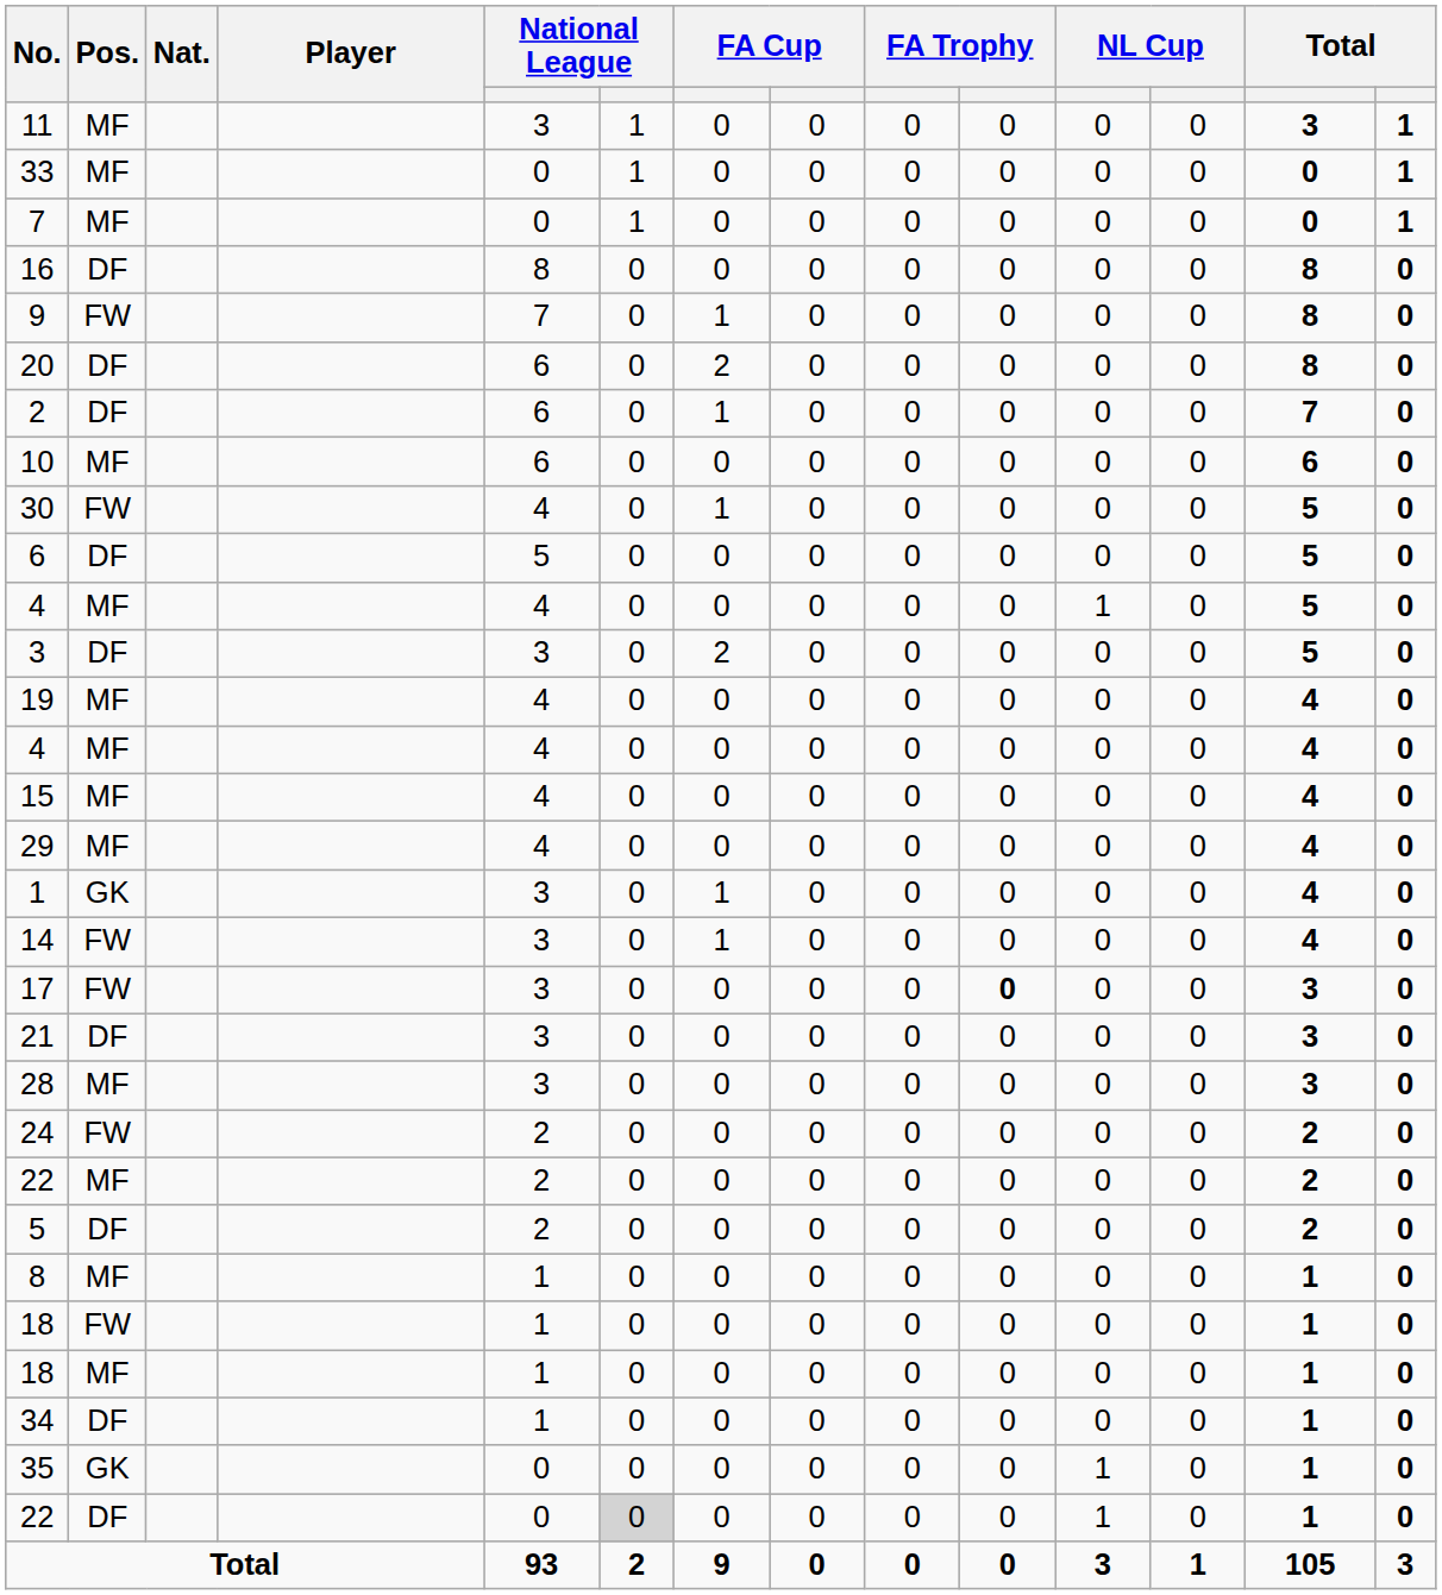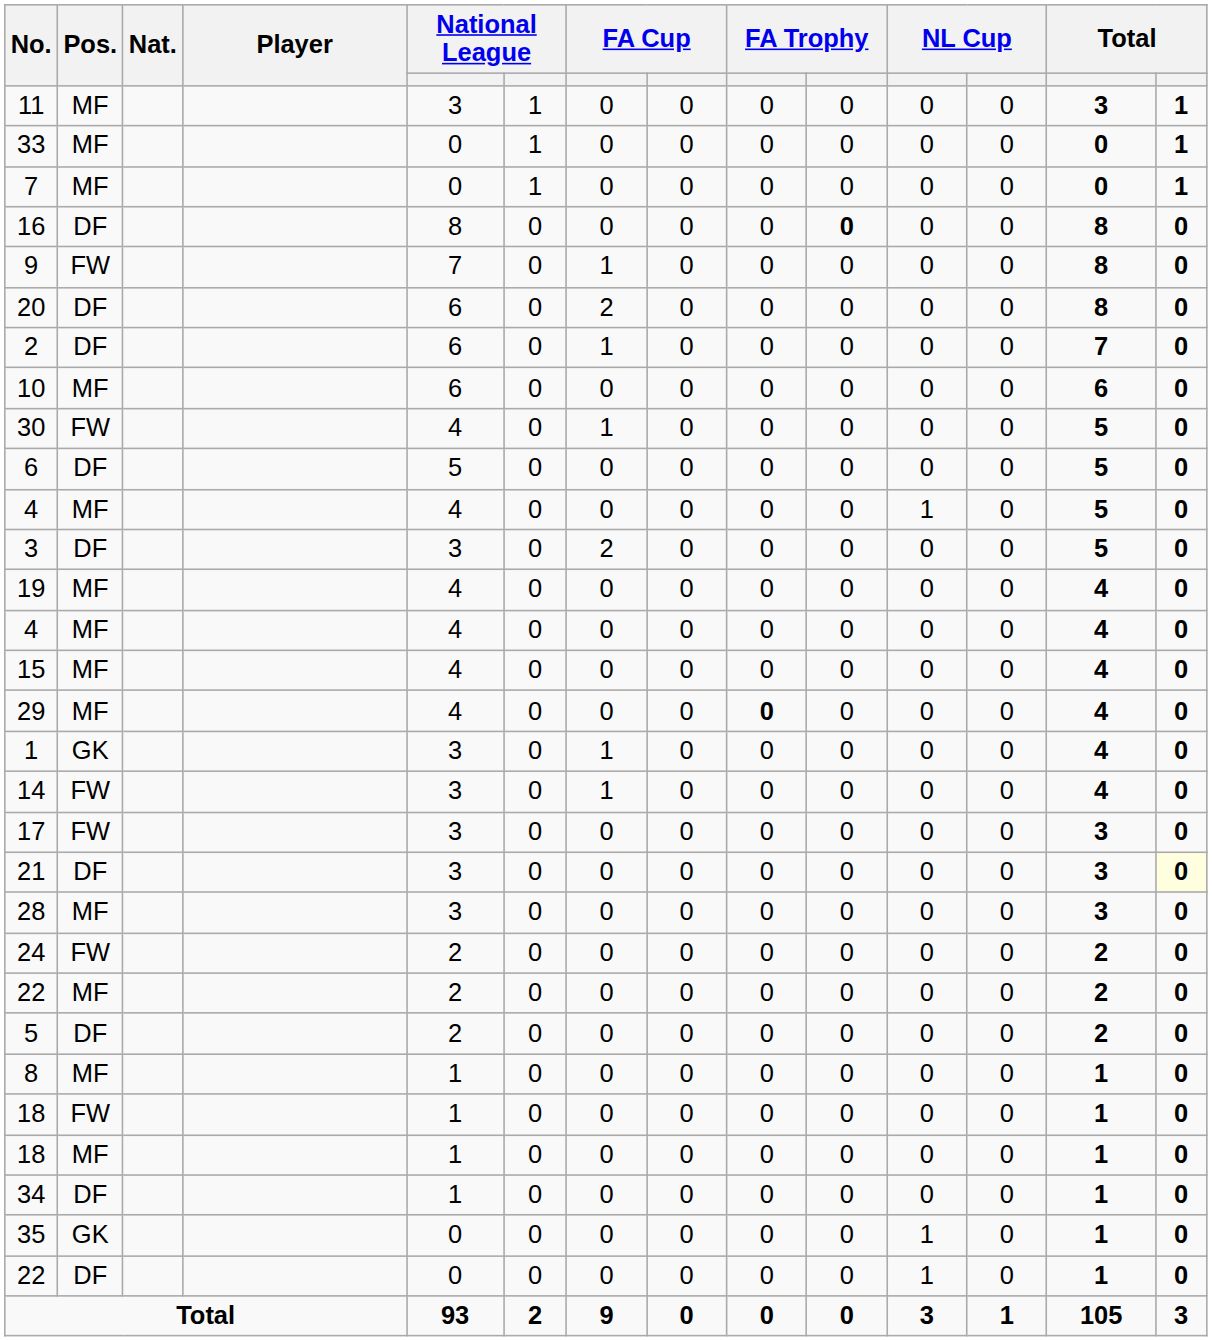 <table class="wikitable sortable" style="text-align:center">
 <tr>
 <th rowspan="2" ! style="text-align:center; width: 10pt;">No.</th>
 <th rowspan="2" ! style="text-align:center; width: 10pt;">Pos.</th>
 <th rowspan="2" ! style="text-align:center; width: 10pt;">Nat.</th>
 <th rowspan="2" ! style="text-align:center; width: 100pt;">Player</th>
 <th colspan="2" ! style="text-align:center; width: 70pt;"><a href='#'>National League</a></th>
 <th colspan="2" ! style="text-align:center; width: 70pt;"><a href='#'>FA Cup</a></th>
 <th colspan="2" ! style="text-align:center; width: 70pt;"><a href='#'>FA Trophy</a></th>
 <th colspan="2" ! style="text-align:center; width: 70pt;"><a href='#'>NL Cup</a></th>
 <th colspan="2" ! style="text-align:center; width: 70pt;">Total</th>
 </tr>
 <tr>
 <th></th>
 <th></th>
 <th></th>
 <th></th>
 <th></th>
 <th></th>
 <th></th>
 <th></th>
 <th></th>
 <th></th>
 </tr>
 <tr>
 <td>11</td>
 <td>MF</td>
 <td></td>
 <td align=left></td>
 <td>3</td>
 <td>1</td>
 <td>0</td>
 <td>0</td>
 <td>0</td>
 <td>0</td>
 <td>0</td>
 <td>0</td>
 <td><strong>3</strong></td>
 <td><strong>1</strong></td>
 </tr>
 <tr>
 <td>33</td>
 <td>MF</td>
 <td></td>
 <td align=left></td>
 <td>0</td>
 <td>1</td>
 <td>0</td>
 <td>0</td>
 <td>0</td>
 <td>0</td>
 <td>0</td>
 <td>0</td>
 <td><strong>0</strong></td>
 <td><strong>1</strong></td>
 </tr>
 <tr>
 <td>7</td>
 <td>MF</td>
 <td></td>
 <td align=left></td>
 <td>0</td>
 <td>1</td>
 <td>0</td>
 <td>0</td>
 <td>0</td>
 <td>0</td>
 <td>0</td>
 <td>0</td>
 <td><strong>0</strong></td>
 <td><strong>1</strong></td>
 </tr>
 <tr>
 <td>16</td>
 <td>DF</td>
 <td></td>
 <td align=left></td>
 <td>8</td>
 <td>0</td>
 <td>0</td>
 <td>0</td>
 <td>0</td>
-<td>0</td>
+<td><strong>0</strong></td>
 <td>0</td>
 <td>0</td>
 <td><strong>8</strong></td>
 <td><strong>0</strong></td>
 </tr>
 <tr>
 <td>9</td>
 <td>FW</td>
 <td></td>
 <td align=left></td>
 <td>7</td>
 <td>0</td>
 <td>1</td>
 <td>0</td>
 <td>0</td>
 <td>0</td>
 <td>0</td>
 <td>0</td>
 <td><strong>8</strong></td>
 <td><strong>0</strong></td>
 </tr>
 <tr>
 <td>20</td>
 <td>DF</td>
 <td></td>
 <td align=left></td>
 <td>6</td>
 <td>0</td>
 <td>2</td>
 <td>0</td>
 <td>0</td>
 <td>0</td>
 <td>0</td>
 <td>0</td>
 <td><strong>8</strong></td>
 <td><strong>0</strong></td>
 </tr>
 <tr>
 <td>2</td>
 <td>DF</td>
 <td></td>
 <td align=left></td>
 <td>6</td>
 <td>0</td>
 <td>1</td>
 <td>0</td>
 <td>0</td>
 <td>0</td>
 <td>0</td>
 <td>0</td>
 <td><strong>7</strong></td>
 <td><strong>0</strong></td>
 </tr>
 <tr>
 <td>10</td>
 <td>MF</td>
 <td></td>
 <td align=left></td>
 <td>6</td>
 <td>0</td>
 <td>0</td>
 <td>0</td>
 <td>0</td>
 <td>0</td>
 <td>0</td>
 <td>0</td>
 <td><strong>6</strong></td>
 <td><strong>0</strong></td>
 </tr>
 <tr>
 <td>30</td>
 <td>FW</td>
 <td></td>
 <td align=left></td>
 <td>4</td>
 <td>0</td>
 <td>1</td>
 <td>0</td>
 <td>0</td>
 <td>0</td>
 <td>0</td>
 <td>0</td>
 <td><strong>5</strong></td>
 <td><strong>0</strong></td>
 </tr>
 <tr>
 <td>6</td>
 <td>DF</td>
 <td></td>
 <td align=left></td>
 <td>5</td>
 <td>0</td>
 <td>0</td>
 <td>0</td>
 <td>0</td>
 <td>0</td>
 <td>0</td>
 <td>0</td>
 <td><strong>5</strong></td>
 <td><strong>0</strong></td>
 </tr>
 <tr>
 <td>4</td>
 <td>MF</td>
 <td></td>
 <td align=left></td>
 <td>4</td>
 <td>0</td>
 <td>0</td>
 <td>0</td>
 <td>0</td>
 <td>0</td>
 <td>1</td>
 <td>0</td>
 <td><strong>5</strong></td>
 <td><strong>0</strong></td>
 </tr>
 <tr>
 <td>3</td>
 <td>DF</td>
 <td></td>
 <td align=left></td>
 <td>3</td>
 <td>0</td>
 <td>2</td>
 <td>0</td>
 <td>0</td>
 <td>0</td>
 <td>0</td>
 <td>0</td>
 <td><strong>5</strong></td>
 <td><strong>0</strong></td>
 </tr>
 <tr>
 <td>19</td>
 <td>MF</td>
 <td></td>
 <td align=left></td>
 <td>4</td>
 <td>0</td>
 <td>0</td>
 <td>0</td>
 <td>0</td>
 <td>0</td>
 <td>0</td>
 <td>0</td>
 <td><strong>4</strong></td>
 <td><strong>0</strong></td>
 </tr>
 <tr>
 <td>4</td>
 <td>MF</td>
 <td></td>
 <td align=left></td>
 <td>4</td>
 <td>0</td>
 <td>0</td>
 <td>0</td>
 <td>0</td>
 <td>0</td>
 <td>0</td>
 <td>0</td>
 <td><strong>4</strong></td>
 <td><strong>0</strong></td>
 </tr>
 <tr>
 <td>15</td>
 <td>MF</td>
 <td></td>
 <td align=left></td>
 <td>4</td>
 <td>0</td>
 <td>0</td>
 <td>0</td>
 <td>0</td>
 <td>0</td>
 <td>0</td>
 <td>0</td>
 <td><strong>4</strong></td>
 <td><strong>0</strong></td>
 </tr>
 <tr>
 <td>29</td>
 <td>MF</td>
 <td></td>
 <td align=left></td>
 <td>4</td>
 <td>0</td>
 <td>0</td>
 <td>0</td>
-<td>0</td>
+<td><strong>0</strong></td>
 <td>0</td>
 <td>0</td>
 <td>0</td>
 <td><strong>4</strong></td>
 <td><strong>0</strong></td>
 </tr>
 <tr>
 <td>1</td>
 <td>GK</td>
 <td></td>
 <td align=left></td>
 <td>3</td>
 <td>0</td>
 <td>1</td>
 <td>0</td>
 <td>0</td>
 <td>0</td>
 <td>0</td>
 <td>0</td>
 <td><strong>4</strong></td>
 <td><strong>0</strong></td>
 </tr>
 <tr>
 <td>14</td>
 <td>FW</td>
 <td></td>
 <td align=left></td>
 <td>3</td>
 <td>0</td>
 <td>1</td>
 <td>0</td>
 <td>0</td>
 <td>0</td>
 <td>0</td>
 <td>0</td>
 <td><strong>4</strong></td>
 <td><strong>0</strong></td>
 </tr>
 <tr>
 <td>17</td>
 <td>FW</td>
 <td></td>
 <td align=left></td>
 <td>3</td>
 <td>0</td>
 <td>0</td>
 <td>0</td>
 <td>0</td>
-<td><strong>0</strong></td>
+<td>0</td>
 <td>0</td>
 <td>0</td>
 <td><strong>3</strong></td>
 <td><strong>0</strong></td>
 </tr>
 <tr>
 <td>21</td>
 <td>DF</td>
 <td></td>
 <td align=left></td>
 <td>3</td>
 <td>0</td>
 <td>0</td>
 <td>0</td>
 <td>0</td>
 <td>0</td>
 <td>0</td>
 <td>0</td>
 <td><strong>3</strong></td>
-<td><strong>0</strong></td>
+<td style="background: lightyellow;"><strong>0</strong></td>
 </tr>
 <tr>
 <td>28</td>
 <td>MF</td>
 <td></td>
 <td align=left></td>
 <td>3</td>
 <td>0</td>
 <td>0</td>
 <td>0</td>
 <td>0</td>
 <td>0</td>
 <td>0</td>
 <td>0</td>
 <td><strong>3</strong></td>
 <td><strong>0</strong></td>
 </tr>
 <tr>
 <td>24</td>
 <td>FW</td>
 <td></td>
 <td align=left></td>
 <td>2</td>
 <td>0</td>
 <td>0</td>
 <td>0</td>
 <td>0</td>
 <td>0</td>
 <td>0</td>
 <td>0</td>
 <td><strong>2</strong></td>
 <td><strong>0</strong></td>
 </tr>
 <tr>
 <td>22</td>
 <td>MF</td>
 <td></td>
 <td align=left></td>
 <td>2</td>
 <td>0</td>
 <td>0</td>
 <td>0</td>
 <td>0</td>
 <td>0</td>
 <td>0</td>
 <td>0</td>
 <td><strong>2</strong></td>
 <td><strong>0</strong></td>
 </tr>
 <tr>
 <td>5</td>
 <td>DF</td>
 <td></td>
 <td align=left></td>
 <td>2</td>
 <td>0</td>
 <td>0</td>
 <td>0</td>
 <td>0</td>
 <td>0</td>
 <td>0</td>
 <td>0</td>
 <td><strong>2</strong></td>
 <td><strong>0</strong></td>
 </tr>
 <tr>
 <td>8</td>
 <td>MF</td>
 <td></td>
 <td align=left></td>
 <td>1</td>
 <td>0</td>
 <td>0</td>
 <td>0</td>
 <td>0</td>
 <td>0</td>
 <td>0</td>
 <td>0</td>
 <td><strong>1</strong></td>
 <td><strong>0</strong></td>
 </tr>
 <tr>
 <td>18</td>
 <td>FW</td>
 <td></td>
 <td align=left></td>
 <td>1</td>
 <td>0</td>
 <td>0</td>
 <td>0</td>
 <td>0</td>
 <td>0</td>
 <td>0</td>
 <td>0</td>
 <td><strong>1</strong></td>
 <td><strong>0</strong></td>
 </tr>
 <tr>
 <td>18</td>
 <td>MF</td>
 <td></td>
 <td align=left></td>
 <td>1</td>
 <td>0</td>
 <td>0</td>
 <td>0</td>
 <td>0</td>
 <td>0</td>
 <td>0</td>
 <td>0</td>
 <td><strong>1</strong></td>
 <td><strong>0</strong></td>
 </tr>
 <tr>
 <td>34</td>
 <td>DF</td>
 <td></td>
 <td align=left></td>
 <td>1</td>
 <td>0</td>
 <td>0</td>
 <td>0</td>
 <td>0</td>
 <td>0</td>
 <td>0</td>
 <td>0</td>
 <td><strong>1</strong></td>
 <td><strong>0</strong></td>
 </tr>
 <tr>
 <td>35</td>
 <td>GK</td>
 <td></td>
 <td align=left></td>
 <td>0</td>
 <td>0</td>
 <td>0</td>
 <td>0</td>
 <td>0</td>
 <td>0</td>
 <td>1</td>
 <td>0</td>
 <td><strong>1</strong></td>
 <td><strong>0</strong></td>
 </tr>
 <tr>
 <td>22</td>
 <td>DF</td>
 <td></td>
 <td align=left></td>
 <td>0</td>
-<td style="background: lightgrey;">0</td>
+<td>0</td>
 <td>0</td>
 <td>0</td>
 <td>0</td>
 <td>0</td>
 <td>1</td>
 <td>0</td>
 <td><strong>1</strong></td>
 <td><strong>0</strong></td>
 </tr>
 <tr class="sortbottom">
 <td colspan=4><strong>Total</strong></td>
 <td><strong>93</strong></td>
 <td><strong>2</strong></td>
 <td><strong>9</strong></td>
 <td><strong>0</strong></td>
 <td><strong>0</strong></td>
 <td><strong>0</strong></td>
 <td><strong>3</strong></td>
 <td><strong>1</strong></td>
 <td><strong>105</strong></td>
 <td><strong>3</strong></td>
 </tr>
 </table>
